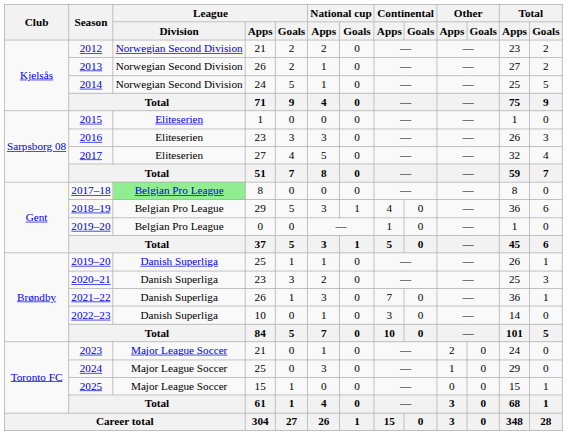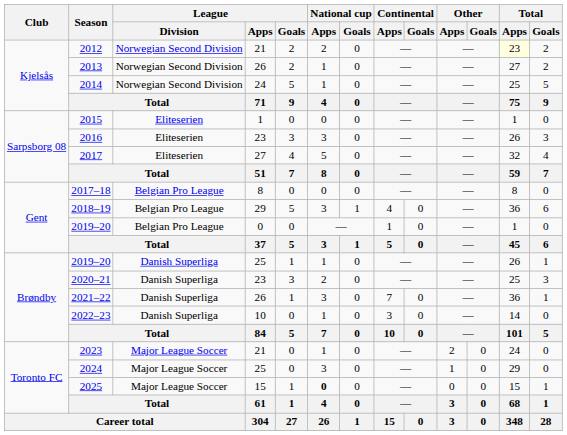 <table class="wikitable" style="text-align: center;">
 <tr>
 <th rowspan="2">Club</th>
 <th rowspan="2">Season</th>
 <th colspan="3">League</th>
 <th colspan="2">National cup</th>
 <th colspan="2">Continental</th>
 <th colspan="2">Other</th>
 <th colspan="2">Total</th>
 </tr>
 <tr>
 <th>Division</th>
 <th>Apps</th>
 <th>Goals</th>
 <th>Apps</th>
 <th>Goals</th>
 <th>Apps</th>
 <th>Goals</th>
 <th>Apps</th>
 <th>Goals</th>
 <th>Apps</th>
 <th>Goals</th>
 </tr>
 <tr>
 <td rowspan="4"><a href='#'>Kjelsås</a></td>
 <td><a href='#'>2012</a></td>
 <td><a href='#'>Norwegian Second Division</a></td>
 <td>21</td>
 <td>2</td>
 <td>2</td>
 <td>0</td>
 <td colspan="2">—</td>
 <td colspan="2">—</td>
-<td>23</td>
+<td style="background: lightyellow;">23</td>
 <td>2</td>
 </tr>
 <tr>
 <td><a href='#'>2013</a></td>
 <td>Norwegian Second Division</td>
 <td>26</td>
 <td>2</td>
 <td>1</td>
 <td>0</td>
 <td colspan="2">—</td>
 <td colspan="2">—</td>
 <td>27</td>
 <td>2</td>
 </tr>
 <tr>
 <td><a href='#'>2014</a></td>
 <td>Norwegian Second Division</td>
 <td>24</td>
 <td>5</td>
 <td>1</td>
 <td>0</td>
 <td colspan="2">—</td>
 <td colspan="2">—</td>
 <td>25</td>
 <td>5</td>
 </tr>
 <tr>
 <th colspan="2">Total</th>
 <th>71</th>
 <th>9</th>
 <th>4</th>
 <th>0</th>
 <th colspan="2">—</th>
 <th colspan="2">—</th>
 <th>75</th>
 <th>9</th>
 </tr>
 <tr>
 <td rowspan="4"><a href='#'>Sarpsborg 08</a></td>
 <td><a href='#'>2015</a></td>
 <td><a href='#'>Eliteserien</a></td>
 <td>1</td>
 <td>0</td>
 <td>0</td>
 <td>0</td>
 <td colspan="2">—</td>
 <td colspan="2">—</td>
 <td>1</td>
 <td>0</td>
 </tr>
 <tr>
 <td><a href='#'>2016</a></td>
 <td>Eliteserien</td>
 <td>23</td>
 <td>3</td>
 <td>3</td>
 <td>0</td>
 <td colspan="2">—</td>
 <td colspan="2">—</td>
 <td>26</td>
 <td>3</td>
 </tr>
 <tr>
 <td><a href='#'>2017</a></td>
 <td>Eliteserien</td>
 <td>27</td>
 <td>4</td>
 <td>5</td>
 <td>0</td>
 <td colspan="2">—</td>
 <td colspan="2">—</td>
 <td>32</td>
 <td>4</td>
 </tr>
 <tr>
 <th colspan="2">Total</th>
 <th>51</th>
 <th>7</th>
 <th>8</th>
 <th>0</th>
 <th colspan="2">—</th>
 <th colspan="2">—</th>
 <th>59</th>
 <th>7</th>
 </tr>
 <tr>
 <td rowspan="4"><a href='#'>Gent</a></td>
 <td><a href='#'>2017–18</a></td>
-<td style="background: lightgreen;"><a href='#'>Belgian Pro League</a></td>
+<td><a href='#'>Belgian Pro League</a></td>
 <td>8</td>
 <td>0</td>
 <td>0</td>
 <td>0</td>
 <td colspan="2">—</td>
 <td colspan="2">—</td>
 <td>8</td>
 <td>0</td>
 </tr>
 <tr>
 <td><a href='#'>2018–19</a></td>
 <td>Belgian Pro League</td>
 <td>29</td>
 <td>5</td>
 <td>3</td>
 <td>1</td>
 <td>4</td>
 <td>0</td>
 <td colspan="2">—</td>
 <td>36</td>
 <td>6</td>
 </tr>
 <tr>
 <td><a href='#'>2019–20</a></td>
 <td>Belgian Pro League</td>
 <td>0</td>
 <td>0</td>
 <td colspan="2">—</td>
 <td>1</td>
 <td>0</td>
 <td colspan="2">—</td>
 <td>1</td>
 <td>0</td>
 </tr>
 <tr>
 <th colspan="2">Total</th>
 <th>37</th>
 <th>5</th>
 <th>3</th>
 <th>1</th>
 <th>5</th>
 <th>0</th>
 <th colspan="2">—</th>
 <th>45</th>
 <th>6</th>
 </tr>
 <tr>
 <td rowspan="5"><a href='#'>Brøndby</a></td>
 <td><a href='#'>2019–20</a></td>
 <td><a href='#'>Danish Superliga</a></td>
 <td>25</td>
 <td>1</td>
 <td>1</td>
 <td>0</td>
 <td colspan="2">—</td>
 <td colspan="2">—</td>
 <td>26</td>
 <td>1</td>
 </tr>
 <tr>
 <td><a href='#'>2020–21</a></td>
 <td>Danish Superliga</td>
 <td>23</td>
 <td>3</td>
 <td>2</td>
 <td>0</td>
 <td colspan="2">—</td>
 <td colspan="2">—</td>
 <td>25</td>
 <td>3</td>
 </tr>
 <tr>
 <td><a href='#'>2021–22</a></td>
 <td>Danish Superliga</td>
 <td>26</td>
 <td>1</td>
 <td>3</td>
 <td>0</td>
 <td>7</td>
 <td>0</td>
 <td colspan="2">—</td>
 <td>36</td>
 <td>1</td>
 </tr>
 <tr>
 <td><a href='#'>2022–23</a></td>
 <td>Danish Superliga</td>
 <td>10</td>
 <td>0</td>
 <td>1</td>
 <td>0</td>
 <td>3</td>
 <td>0</td>
 <td colspan="2">—</td>
 <td>14</td>
 <td>0</td>
 </tr>
 <tr>
 <th colspan="2">Total</th>
 <th>84</th>
 <th>5</th>
 <th>7</th>
 <th>0</th>
 <th>10</th>
 <th>0</th>
 <th colspan="2">—</th>
 <th>101</th>
 <th>5</th>
 </tr>
 <tr>
 <td rowspan="4"><a href='#'>Toronto FC</a></td>
 <td><a href='#'>2023</a></td>
 <td><a href='#'>Major League Soccer</a></td>
 <td>21</td>
 <td>0</td>
 <td>1</td>
 <td>0</td>
 <td colspan="2">—</td>
 <td>2</td>
 <td>0</td>
 <td>24</td>
 <td>0</td>
 </tr>
 <tr>
 <td><a href='#'>2024</a></td>
 <td>Major League Soccer</td>
 <td>25</td>
 <td>0</td>
 <td>3</td>
 <td>0</td>
 <td colspan="2">—</td>
 <td>1</td>
 <td>0</td>
 <td>29</td>
 <td>0</td>
 </tr>
 <tr>
 <td><a href='#'>2025</a></td>
 <td>Major League Soccer</td>
 <td>15</td>
 <td>1</td>
-<td>0</td>
+<td><strong>0</strong></td>
 <td>0</td>
 <td colspan="2">—</td>
 <td>0</td>
 <td>0</td>
 <td>15</td>
 <td>1</td>
 </tr>
 <tr>
 <th colspan="2">Total</th>
 <th>61</th>
 <th>1</th>
 <th>4</th>
 <th>0</th>
 <th colspan="2">—</th>
 <th>3</th>
 <th>0</th>
 <th>68</th>
 <th>1</th>
 </tr>
 <tr>
 <th colspan="3">Career total</th>
 <th>304</th>
 <th>27</th>
 <th>26</th>
 <th>1</th>
 <th>15</th>
 <th>0</th>
 <th>3</th>
 <th>0</th>
 <th>348</th>
 <th>28</th>
 </tr>
 </table>
